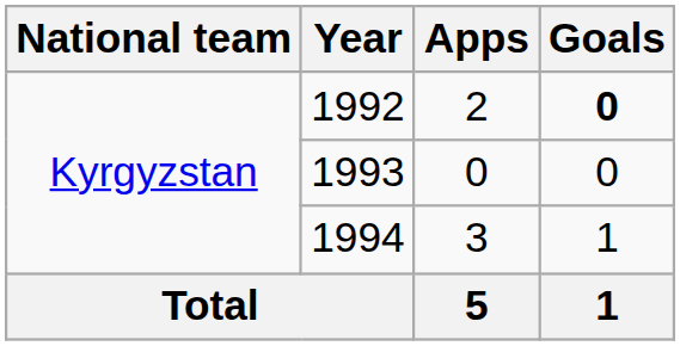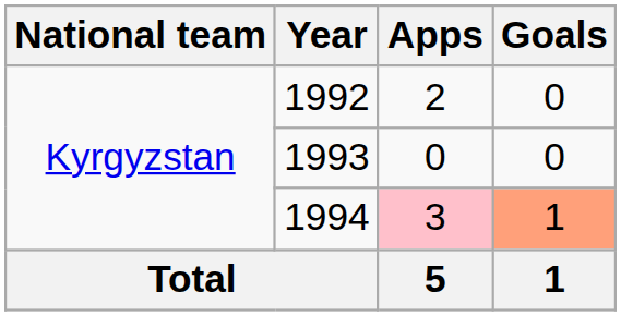 <table class="wikitable" style="text-align:center">
 <tr>
 <th>National team</th>
 <th>Year</th>
 <th>Apps</th>
 <th>Goals</th>
 </tr>
 <tr>
 <td rowspan="3"><a href='#'>Kyrgyzstan</a></td>
 <td>1992</td>
 <td>2</td>
-<td><strong>0</strong></td>
+<td>0</td>
 </tr>
 <tr>
 <td>1993</td>
 <td>0</td>
 <td>0</td>
 </tr>
 <tr>
 <td>1994</td>
-<td>3</td>
-<td>1</td>
+<td style="background: pink;">3</td>
+<td style="background: lightsalmon;">1</td>
 </tr>
 <tr>
 <th colspan="2">Total</th>
 <th>5</th>
 <th>1</th>
 </tr>
 </table>
